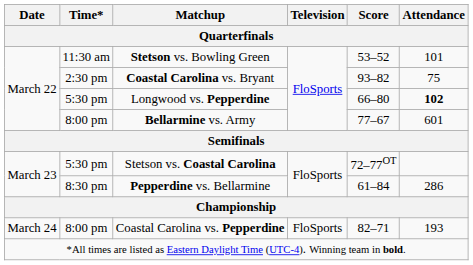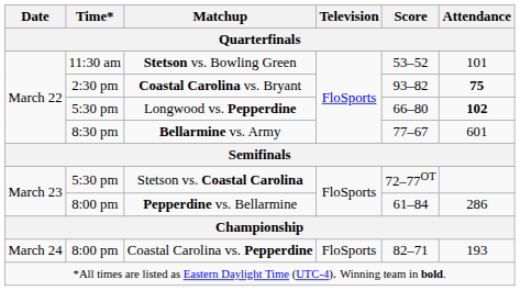 <table class="wikitable" style="font-size: 95%; text-align:center">
 <tr>
 <th>Date</th>
 <th>Time*</th>
 <th>Matchup</th>
 <th>Television</th>
 <th>Score</th>
 <th>Attendance</th>
 </tr>
 <tr>
 <th colspan=6>Quarterfinals</th>
 </tr>
 <tr>
 <td rowspan=4 align=left>March 22</td>
 <td>11:30 am</td>
 <td><strong>Stetson</strong> vs. Bowling Green</td>
 <td rowspan=4 align=center><a href='#'>FloSports</a></td>
 <td>53–52</td>
 <td>101</td>
 </tr>
 <tr>
 <td>2:30 pm</td>
 <td><strong>Coastal Carolina</strong> vs. Bryant</td>
 <td>93–82</td>
-<td>75</td>
+<td><strong>75</strong></td>
 </tr>
 <tr>
 <td>5:30 pm</td>
 <td>Longwood vs. <strong>Pepperdine</strong></td>
 <td>66–80</td>
 <td><strong>102</strong></td>
 </tr>
 <tr>
-<td>8:00 pm</td>
+<td>8:30 pm</td>
 <td><strong>Bellarmine</strong> vs. Army</td>
 <td>77–67</td>
 <td>601</td>
 </tr>
 <tr>
 <th colspan=6>Semifinals</th>
 </tr>
 <tr>
 <td rowspan=2 align=left>March 23</td>
 <td>5:30 pm</td>
 <td>Stetson vs. <strong>Coastal Carolina</strong></td>
 <td rowspan=2 align=center>FloSports</td>
 <td>72–77<sup>OT</sup></td>
 <td></td>
 </tr>
 <tr>
-<td>8:30 pm</td>
+<td>8:00 pm</td>
 <td><strong>Pepperdine</strong> vs. Bellarmine</td>
 <td>61–84</td>
 <td>286</td>
 </tr>
 <tr>
 <th colspan=6>Championship</th>
 </tr>
 <tr>
 <td>March 24</td>
 <td>8:00 pm</td>
 <td>Coastal Carolina vs. <strong>Pepperdine</strong></td>
 <td>FloSports</td>
 <td>82–71</td>
 <td>193</td>
 </tr>
 <tr>
 <td colspan=6><small>*All times are listed as <a href='#'>Eastern Daylight Time</a> (<a href='#'>UTC-4</a>)</small>. <small>Winning team in <strong>bold</strong>.</small></td>
 </tr>
 </table>
